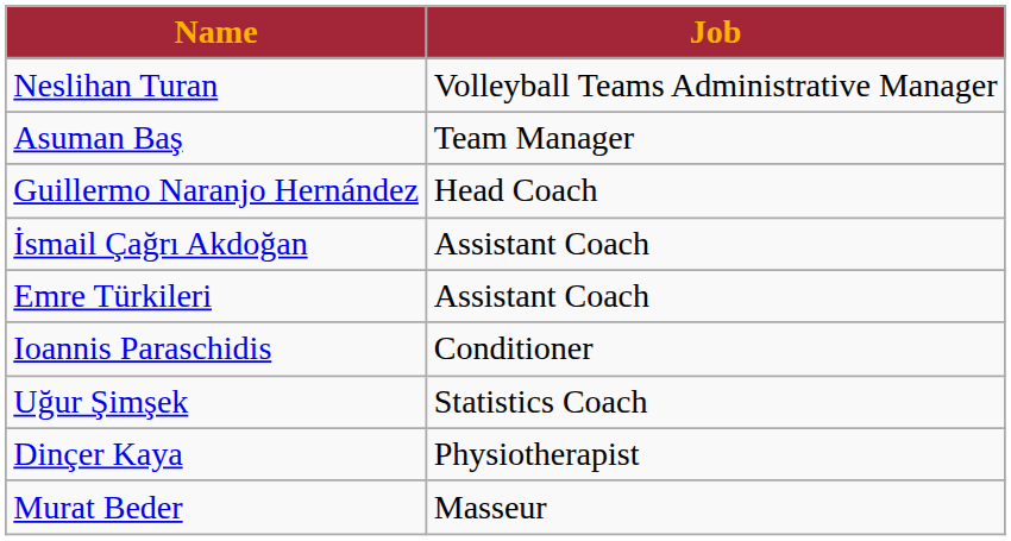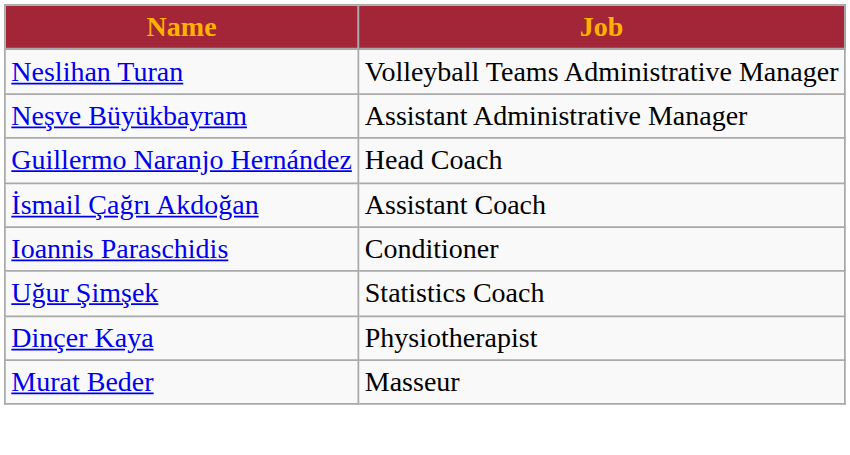 <table class="wikitable plainrowheaders sortable">
 <tr>
 <th style="background:#A32638; color:#FFB300; ">Name</th>
 <th style="background:#A32638; color:#FFB300; ">Job</th>
 </tr>
 <tr>
 <td> <a href='#'>Neslihan Turan</a></td>
 <td>Volleyball Teams Administrative Manager</td>
 </tr>
 <tr>
-<td> <a href='#'>Asuman Baş</a></td>
-<td>Team Manager</td>
+<td> <a href='#'>Neşve Büyükbayram</a></td>
+<td>Assistant Administrative Manager</td>
 </tr>
 <tr>
 <td> <a href='#'>Guillermo Naranjo Hernández</a></td>
 <td>Head Coach</td>
 </tr>
 <tr>
 <td> <a href='#'>İsmail Çağrı Akdoğan</a></td>
-<td>Assistant Coach</td>
-</tr>
-<tr>
-<td> <a href='#'>Emre Türkileri</a></td>
 <td>Assistant Coach</td>
 </tr>
 <tr>
 <td> <a href='#'>Ioannis Paraschidis</a></td>
 <td>Conditioner</td>
 </tr>
 <tr>
 <td> <a href='#'>Uğur Şimşek</a></td>
 <td>Statistics Coach</td>
 </tr>
 <tr>
 <td> <a href='#'>Dinçer Kaya</a></td>
 <td>Physiotherapist</td>
 </tr>
 <tr>
 <td> <a href='#'>Murat Beder</a></td>
 <td>Masseur</td>
 </tr>
 </table>
